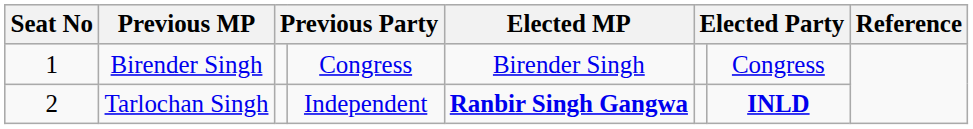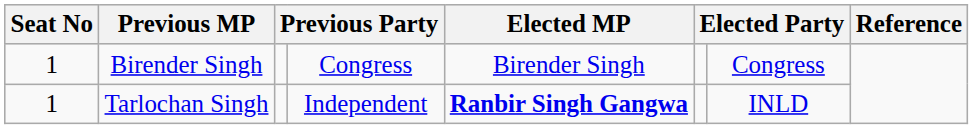 <table class="wikitable">
 <tr>
 <th>Seat No</th>
 <th>Previous MP</th>
 <th colspan=2>Previous Party</th>
 <th>Elected MP</th>
 <th colspan=2>Elected Party</th>
 <th>Reference</th>
 </tr>
 <tr style="text-align:center;">
 <td>1</td>
 <td><a href='#'>Birender Singh</a></td>
 <td width="1px"></td>
 <td><a href='#'>Congress</a></td>
 <td><a href='#'>Birender Singh</a></td>
 <td width="1px"></td>
 <td><a href='#'>Congress</a></td>
 <td rowspan=2></td>
 </tr>
 <tr style="text-align:center;">
-<td>2</td>
+<td>1</td>
 <td><a href='#'>Tarlochan Singh</a></td>
 <td width="1px"></td>
 <td><a href='#'>Independent</a></td>
 <td><strong><a href='#'>Ranbir Singh Gangwa</a></strong></td>
 <td width="1px"></td>
-<td><strong><a href='#'>INLD</a></strong></td>
+<td><a href='#'>INLD</a></td>
 </tr>
 </table>
